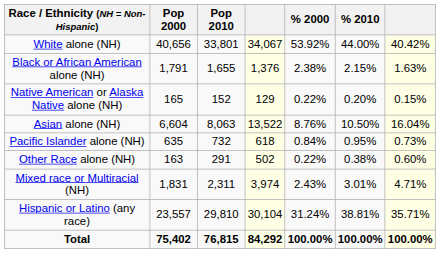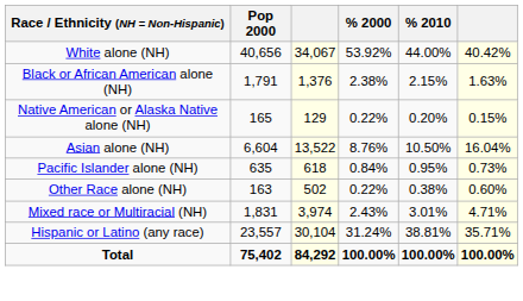 <table class="wikitable" style="text-align:center;">
 <tr>
 <th>Race / Ethnicity <small>(<em>NH = Non-Hispanic</em>)</small></th>
 <th>Pop 2000</th>
-<th>Pop 2010</th>
 <th></th>
 <th>% 2000</th>
 <th>% 2010</th>
 <th></th>
 </tr>
 <tr>
 <td><a href='#'>White</a> alone (NH)</td>
 <td>40,656</td>
-<td>33,801</td>
 <td style='background: #ffffe6;'>34,067</td>
 <td>53.92%</td>
 <td>44.00%</td>
 <td style='background: #ffffe6;'>40.42%</td>
 </tr>
 <tr>
 <td><a href='#'>Black or African American</a> alone (NH)</td>
 <td>1,791</td>
-<td>1,655</td>
 <td style='background: #ffffe6;'>1,376</td>
 <td>2.38%</td>
 <td>2.15%</td>
 <td style='background: #ffffe6;'>1.63%</td>
 </tr>
 <tr>
 <td><a href='#'>Native American</a> or <a href='#'>Alaska Native</a> alone (NH)</td>
 <td>165</td>
-<td>152</td>
 <td style='background: #ffffe6;'>129</td>
 <td>0.22%</td>
 <td>0.20%</td>
 <td style='background: #ffffe6;'>0.15%</td>
 </tr>
 <tr>
 <td><a href='#'>Asian</a> alone (NH)</td>
 <td>6,604</td>
-<td>8,063</td>
 <td style='background: #ffffe6;'>13,522</td>
 <td>8.76%</td>
 <td>10.50%</td>
 <td style='background: #ffffe6;'>16.04%</td>
 </tr>
 <tr>
 <td><a href='#'>Pacific Islander</a> alone (NH)</td>
 <td>635</td>
-<td>732</td>
 <td style='background: #ffffe6;'>618</td>
 <td>0.84%</td>
 <td>0.95%</td>
 <td style='background: #ffffe6;'>0.73%</td>
 </tr>
 <tr>
 <td><a href='#'>Other Race</a> alone (NH)</td>
 <td>163</td>
-<td>291</td>
 <td style='background: #ffffe6;'>502</td>
 <td>0.22%</td>
 <td>0.38%</td>
 <td style='background: #ffffe6;'>0.60%</td>
 </tr>
 <tr>
 <td><a href='#'>Mixed race or Multiracial</a> (NH)</td>
 <td>1,831</td>
-<td>2,311</td>
 <td style='background: #ffffe6;'>3,974</td>
 <td>2.43%</td>
 <td>3.01%</td>
 <td style='background: #ffffe6;'>4.71%</td>
 </tr>
 <tr>
 <td><a href='#'>Hispanic or Latino</a> (any race)</td>
 <td>23,557</td>
-<td>29,810</td>
 <td style='background: #ffffe6;'>30,104</td>
 <td>31.24%</td>
 <td>38.81%</td>
 <td style='background: #ffffe6;'>35.71%</td>
 </tr>
 <tr>
 <td><strong>Total</strong></td>
 <td><strong>75,402</strong></td>
-<td><strong>76,815</strong></td>
 <td style='background: #ffffe6;'><strong>84,292</strong></td>
 <td><strong>100.00%</strong></td>
 <td><strong>100.00%</strong></td>
 <td style='background: #ffffe6;'><strong>100.00%</strong></td>
 </tr>
 </table>
